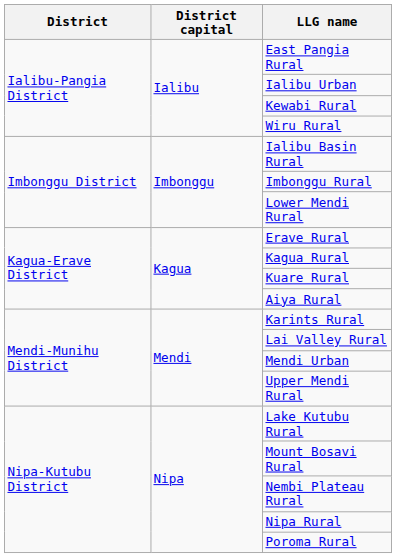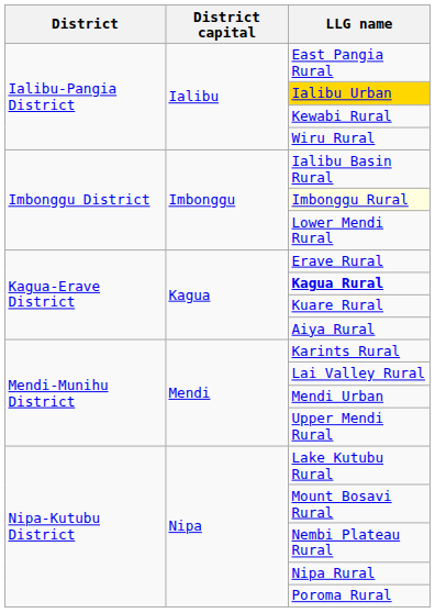 <table class="wikitable" style="text-align: left;" width="400">
 <tr>
 <th>District</th>
 <th>District capital</th>
 <th>LLG name</th>
 </tr>
 <tr>
 <td rowspan="4"><a href='#'>Ialibu-Pangia District</a></td>
 <td rowspan="4"><a href='#'>Ialibu</a></td>
 <td><a href='#'>East Pangia Rural</a></td>
 </tr>
 <tr>
-<td><a href='#'>Ialibu Urban</a></td>
+<td style="background: gold;"><a href='#'>Ialibu Urban</a></td>
 </tr>
 <tr>
 <td><a href='#'>Kewabi Rural</a></td>
 </tr>
 <tr>
 <td><a href='#'>Wiru Rural</a></td>
 </tr>
 <tr>
 <td rowspan="3"><a href='#'>Imbonggu District</a></td>
 <td rowspan="3"><a href='#'>Imbonggu</a></td>
 <td><a href='#'>Ialibu Basin Rural</a></td>
 </tr>
 <tr>
-<td><a href='#'>Imbonggu Rural</a></td>
+<td style="background: lightyellow;"><a href='#'>Imbonggu Rural</a></td>
 </tr>
 <tr>
 <td><a href='#'>Lower Mendi Rural</a></td>
 </tr>
 <tr>
 <td rowspan="4"><a href='#'>Kagua-Erave District</a></td>
 <td rowspan="4"><a href='#'>Kagua</a></td>
 <td><a href='#'>Erave Rural</a></td>
 </tr>
 <tr>
-<td><a href='#'>Kagua Rural</a></td>
+<td><strong><a href='#'>Kagua Rural</a></strong></td>
 </tr>
 <tr>
 <td><a href='#'>Kuare Rural</a></td>
 </tr>
 <tr>
 <td><a href='#'>Aiya Rural</a></td>
 </tr>
 <tr>
 <td rowspan="4"><a href='#'>Mendi-Munihu District</a></td>
 <td rowspan="4"><a href='#'>Mendi</a></td>
 <td><a href='#'>Karints Rural</a></td>
 </tr>
 <tr>
 <td><a href='#'>Lai Valley Rural</a></td>
 </tr>
 <tr>
 <td><a href='#'>Mendi Urban</a></td>
 </tr>
 <tr>
 <td><a href='#'>Upper Mendi Rural</a></td>
 </tr>
 <tr>
 <td rowspan="5"><a href='#'>Nipa-Kutubu District</a></td>
 <td rowspan="5"><a href='#'>Nipa</a></td>
 <td><a href='#'>Lake Kutubu Rural</a></td>
 </tr>
 <tr>
 <td><a href='#'>Mount Bosavi Rural</a></td>
 </tr>
 <tr>
 <td><a href='#'>Nembi Plateau Rural</a></td>
 </tr>
 <tr>
 <td><a href='#'>Nipa Rural</a></td>
 </tr>
 <tr>
 <td><a href='#'>Poroma Rural</a></td>
 </tr>
 </table>
